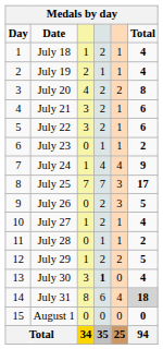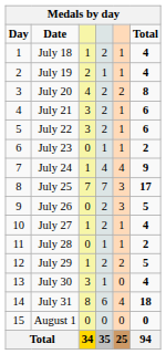 <table class=wikitable style="font-size:85%; float:right;text-align:center">
 <tr>
 <th colspan=7>Medals by day</th>
 </tr>
 <tr>
 <td><strong>Day</strong></td>
 <td><strong>Date</strong></td>
 <td bgcolor=F7F6A8></td>
 <td bgcolor=DCE5E5></td>
 <td bgcolor=FFDAB9></td>
 <td><strong>Total</strong></td>
 </tr>
 <tr>
 <td>1</td>
 <td>July 18</td>
 <td bgcolor=F7F6A8>1</td>
 <td bgcolor=DCE5E5>2</td>
 <td bgcolor=FFDAB9>1</td>
 <td><strong>4</strong></td>
 </tr>
 <tr>
 <td>2</td>
 <td>July 19</td>
 <td bgcolor=F7F6A8>2</td>
 <td bgcolor=DCE5E5>1</td>
 <td bgcolor=FFDAB9>1</td>
 <td><strong>4</strong></td>
 </tr>
 <tr>
 <td>3</td>
 <td>July 20</td>
 <td bgcolor=F7F6A8>4</td>
 <td bgcolor=DCE5E5>2</td>
 <td bgcolor=FFDAB9>2</td>
 <td><strong>8</strong></td>
 </tr>
 <tr>
 <td>4</td>
 <td>July 21</td>
 <td bgcolor=F7F6A8>3</td>
 <td bgcolor=DCE5E5>2</td>
 <td bgcolor=FFDAB9>1</td>
 <td><strong>6</strong></td>
 </tr>
 <tr>
 <td>5</td>
 <td>July 22</td>
 <td bgcolor=F7F6A8>3</td>
 <td bgcolor=DCE5E5>2</td>
 <td bgcolor=FFDAB9>1</td>
 <td><strong>6</strong></td>
 </tr>
 <tr>
 <td>6</td>
 <td>July 23</td>
 <td bgcolor=F7F6A8>0</td>
 <td bgcolor=DCE5E5>1</td>
 <td bgcolor=FFDAB9>1</td>
 <td><strong>2</strong></td>
 </tr>
 <tr>
 <td>7</td>
 <td>July 24</td>
 <td bgcolor=F7F6A8>1</td>
 <td bgcolor=DCE5E5>4</td>
 <td bgcolor=FFDAB9>4</td>
 <td><strong>9</strong></td>
 </tr>
 <tr>
 <td>8</td>
 <td>July 25</td>
 <td bgcolor=F7F6A8>7</td>
 <td bgcolor=DCE5E5>7</td>
 <td bgcolor=FFDAB9>3</td>
 <td><strong>17</strong></td>
 </tr>
 <tr>
 <td>9</td>
 <td>July 26</td>
 <td bgcolor=F7F6A8>0</td>
 <td bgcolor=DCE5E5>2</td>
 <td bgcolor=FFDAB9>3</td>
 <td><strong>5</strong></td>
 </tr>
 <tr>
 <td>10</td>
 <td>July 27</td>
 <td bgcolor=F7F6A8>1</td>
 <td bgcolor=DCE5E5>2</td>
 <td bgcolor=FFDAB9>1</td>
 <td><strong>4</strong></td>
 </tr>
 <tr>
 <td>11</td>
 <td>July 28</td>
 <td bgcolor=F7F6A8>0</td>
 <td bgcolor=DCE5E5>1</td>
 <td bgcolor=FFDAB9>1</td>
 <td><strong>2</strong></td>
 </tr>
 <tr>
 <td>12</td>
 <td>July 29</td>
 <td bgcolor=F7F6A8>1</td>
 <td bgcolor=DCE5E5>2</td>
 <td bgcolor=FFDAB9>2</td>
 <td><strong>5</strong></td>
 </tr>
 <tr>
 <td>13</td>
 <td>July 30</td>
 <td bgcolor=F7F6A8>3</td>
-<td bgcolor=DCE5E5><strong>1</strong></td>
+<td bgcolor=DCE5E5>1</td>
 <td bgcolor=FFDAB9>0</td>
 <td><strong>4</strong></td>
 </tr>
 <tr>
 <td>14</td>
 <td>July 31</td>
 <td bgcolor=F7F6A8>8</td>
 <td bgcolor=DCE5E5>6</td>
 <td bgcolor=FFDAB9>4</td>
-<td style="background: lightgrey;"><strong>18</strong></td>
+<td><strong>18</strong></td>
 </tr>
 <tr>
 <td>15</td>
 <td>August 1</td>
 <td bgcolor=F7F6A8>0</td>
 <td bgcolor=DCE5E5>0</td>
 <td bgcolor=FFDAB9>0</td>
 <td><strong>0</strong></td>
 </tr>
 <tr>
 <th colspan=2>Total</th>
 <th style=background:gold>34</th>
 <th style=background:silver>35</th>
 <th style=background:#C96>25</th>
 <th>94</th>
 </tr>
 </table>
